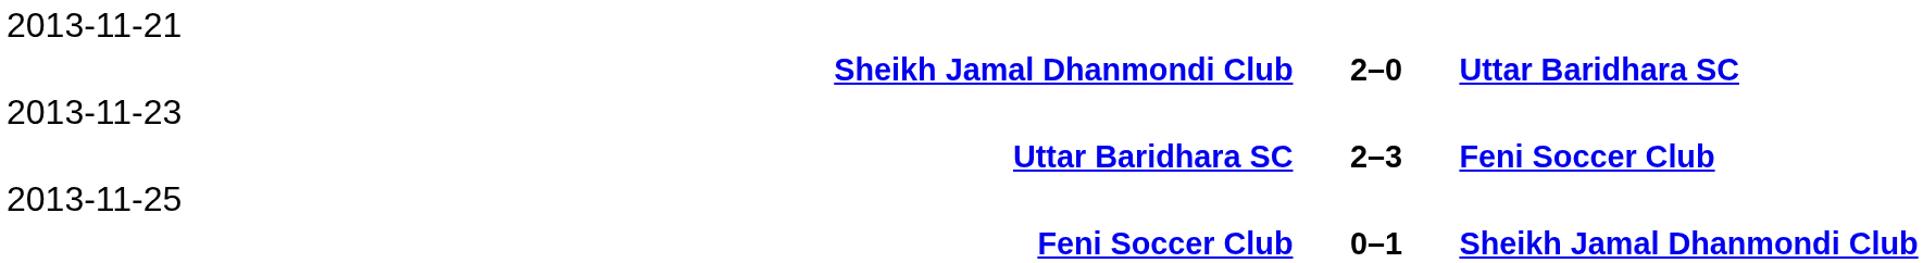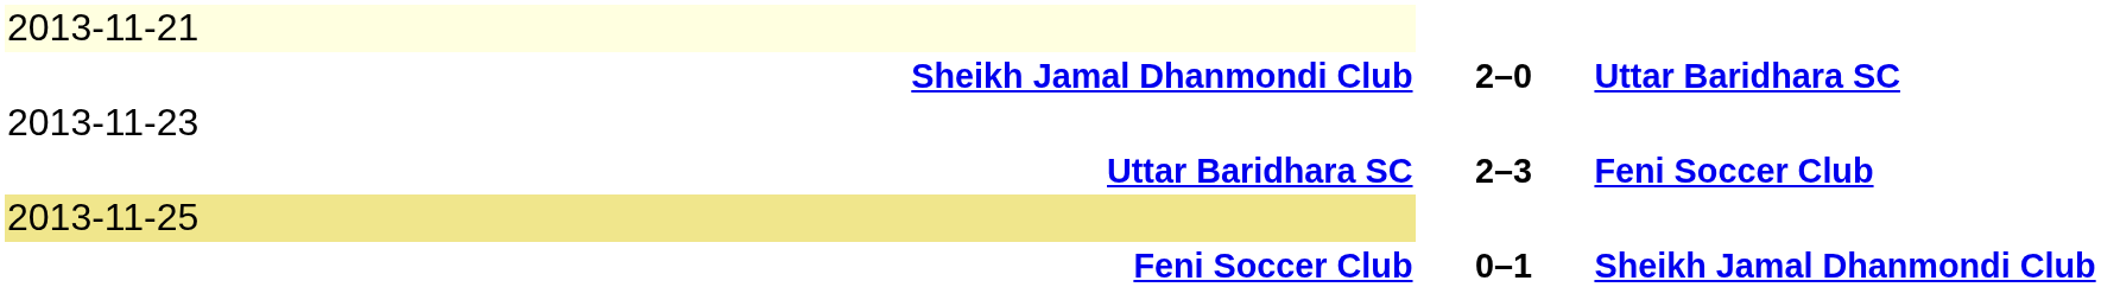 <table width=100% cellspacing=1>
 <tr>
 <th></th>
 <th></th>
 <th></th>
 </tr>
 <tr>
-<td>2013-11-21</td>
+<td style="background: lightyellow;">2013-11-21</td>
 </tr>
 <tr style=font-size:90%>
 <td align=right><strong><a href='#'>Sheikh Jamal Dhanmondi Club</a></strong></td>
 <td align=center><strong>2–0</strong></td>
 <td><strong><a href='#'>Uttar Baridhara SC</a></strong></td>
 </tr>
 <tr>
 <td>2013-11-23</td>
 </tr>
 <tr style=font-size:90%>
 <td align=right><strong><a href='#'>Uttar Baridhara SC</a></strong></td>
 <td align=center><strong>2–3</strong></td>
 <td><strong><a href='#'>Feni Soccer Club</a></strong></td>
 </tr>
 <tr>
-<td>2013-11-25</td>
+<td style="background: khaki;">2013-11-25</td>
 </tr>
 <tr style=font-size:90%>
 <td align=right><strong><a href='#'>Feni Soccer Club</a></strong></td>
 <td align=center><strong>0–1</strong></td>
 <td><strong><a href='#'>Sheikh Jamal Dhanmondi Club</a></strong></td>
 </tr>
 <tr>
 </tr>
 </table>
